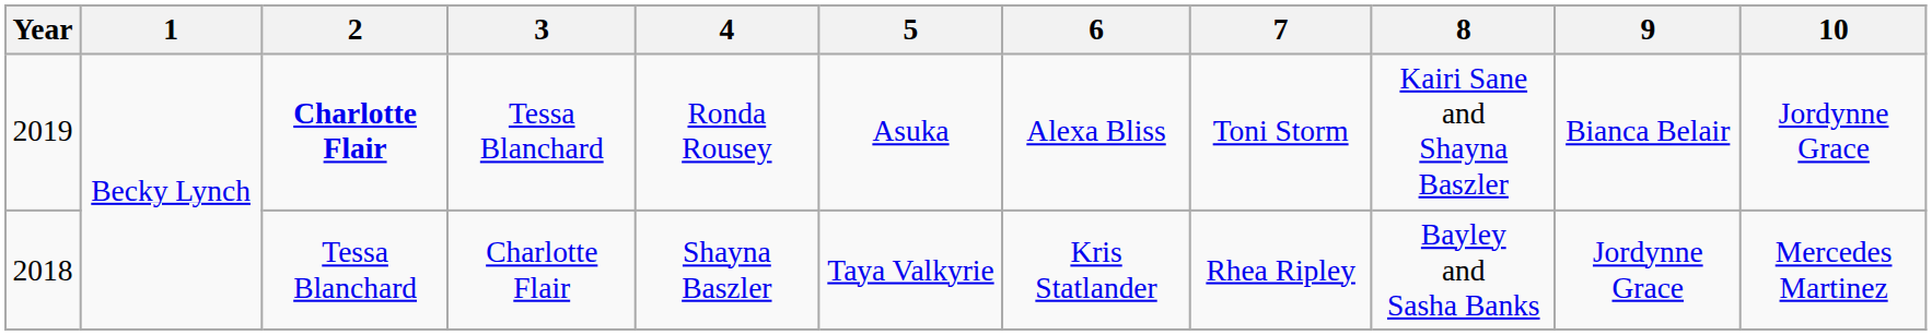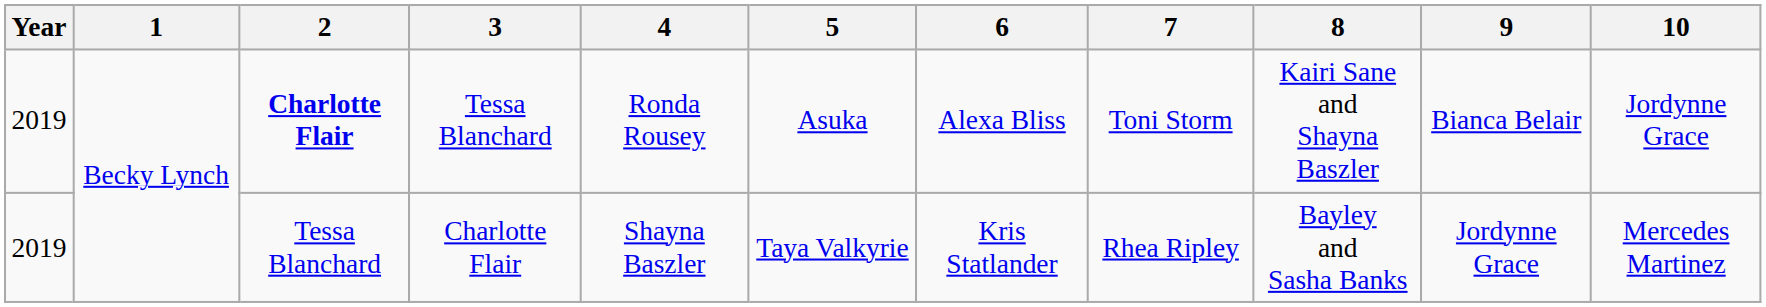 <table class="wikitable" style="font-size:85%; text-align: center">
 <tr>
 <th>Year</th>
 <th width="10%">1</th>
 <th width="10%">2</th>
 <th width="10%">3</th>
 <th width="10%">4</th>
 <th width="10%">5</th>
 <th width="10%">6</th>
 <th width="10%">7</th>
 <th width="10%">8</th>
 <th width="10%">9</th>
 <th width="10%">10</th>
 </tr>
 <tr>
 <td>2019</td>
 <td rowspan=2><a href='#'>Becky Lynch</a></td>
 <td><strong><a href='#'>Charlotte Flair</a></strong></td>
 <td><a href='#'>Tessa Blanchard</a></td>
 <td><a href='#'>Ronda Rousey</a></td>
 <td><a href='#'>Asuka</a></td>
 <td><a href='#'>Alexa Bliss</a></td>
 <td><a href='#'>Toni Storm</a></td>
 <td><a href='#'>Kairi Sane</a><br>and<br><a href='#'>Shayna Baszler</a></td>
 <td><a href='#'>Bianca Belair</a></td>
 <td><a href='#'>Jordynne Grace</a></td>
 </tr>
 <tr>
-<td>2018</td>
+<td>2019</td>
 <td><a href='#'>Tessa Blanchard</a></td>
 <td><a href='#'>Charlotte Flair</a></td>
 <td><a href='#'>Shayna Baszler</a></td>
 <td><a href='#'>Taya Valkyrie</a></td>
 <td><a href='#'>Kris Statlander</a></td>
 <td><a href='#'>Rhea Ripley</a></td>
 <td><a href='#'>Bayley</a><br>and<br><a href='#'>Sasha Banks</a></td>
 <td><a href='#'>Jordynne Grace</a></td>
 <td><a href='#'>Mercedes Martinez</a></td>
 </tr>
 </table>
